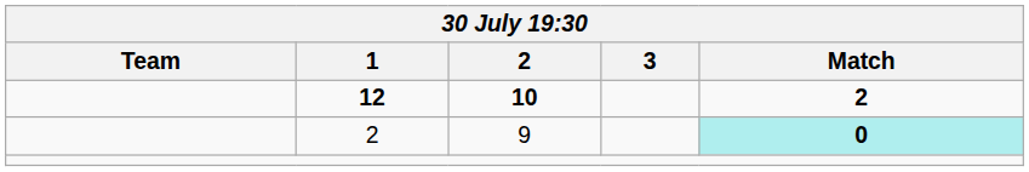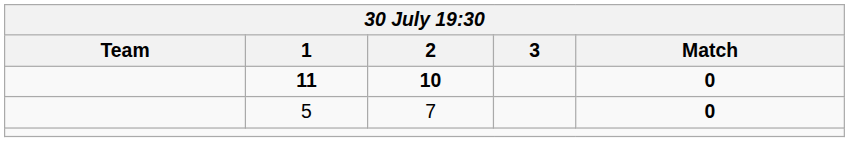 <table class=wikitable style="text-align:center; width: 55%">
 <tr>
 <th colspan=10><em>30 July 19:30</em></th>
 </tr>
 <tr>
 <th>Team</th>
 <th>1</th>
 <th>2</th>
 <th>3</th>
 <th>Match</th>
 </tr>
 <tr>
 <td align=left><strong><br></strong></td>
-<td><strong>12</strong></td>
+<td><strong>11</strong></td>
 <td><strong>10</strong></td>
 <td></td>
-<td><strong>2</strong></td>
+<td><strong>0</strong></td>
 </tr>
 <tr>
 <td align=left><br></td>
-<td>2</td>
-<td>9</td>
+<td>5</td>
+<td>7</td>
 <td></td>
-<td style="background: paleturquoise;"><strong>0</strong></td>
+<td><strong>0</strong></td>
 </tr>
 <tr>
 <td colspan=10></td>
 </tr>
 </table>
